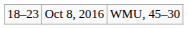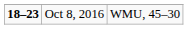 <table class="wikitable">
 <tr align="center">
 </tr>
 <tr align="center">
-<td>18–23</td>
+<td><strong>18–23</strong></td>
 <td>Oct 8, 2016</td>
 <td>WMU, 45–30</td>
 </tr>
 </table>
